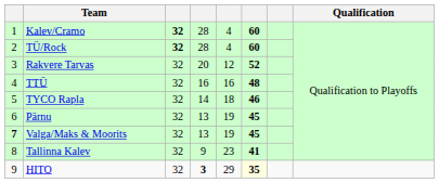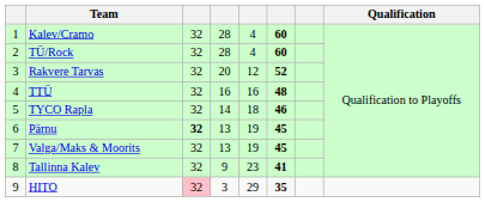 <table class="wikitable" style="text-align: center">
 <tr>
 <th width=20></th>
 <th width=200>Team</th>
 <th width=30></th>
 <th width=30></th>
 <th width=30></th>
 <th width=30></th>
 <th width=30></th>
 <th width=200>Qualification</th>
 </tr>
 <tr bgcolor=#ccffcc>
 <td>1</td>
 <td align="left"><a href='#'>Kalev/Cramo</a></td>
-<td><strong>32</strong></td>
+<td>32</td>
 <td>28</td>
 <td>4</td>
 <td><strong>60</strong></td>
 <td></td>
 <td rowspan=8 align="center">Qualification to Playoffs</td>
 </tr>
 <tr bgcolor=#ccffcc>
 <td>2</td>
 <td align="left"><a href='#'>TÜ/Rock</a></td>
-<td><strong>32</strong></td>
+<td>32</td>
 <td>28</td>
 <td>4</td>
 <td><strong>60</strong></td>
 <td></td>
 </tr>
 <tr bgcolor=#ccffcc>
 <td>3</td>
 <td align="left"><a href='#'>Rakvere Tarvas</a></td>
 <td>32</td>
 <td>20</td>
 <td>12</td>
 <td><strong>52</strong></td>
 <td></td>
 </tr>
 <tr bgcolor=#ccffcc>
 <td>4</td>
 <td align="left"><a href='#'>TTÜ</a></td>
 <td>32</td>
 <td>16</td>
 <td>16</td>
 <td><strong>48</strong></td>
 <td></td>
 </tr>
 <tr bgcolor=#ccffcc>
 <td>5</td>
 <td align="left"><a href='#'>TYCO Rapla</a></td>
 <td>32</td>
 <td>14</td>
 <td>18</td>
 <td><strong>46</strong></td>
 <td></td>
 </tr>
 <tr bgcolor=#ccffcc>
 <td>6</td>
 <td align="left"><a href='#'>Pärnu</a></td>
-<td>32</td>
+<td><strong>32</strong></td>
 <td>13</td>
 <td>19</td>
 <td><strong>45</strong></td>
 <td></td>
 </tr>
 <tr bgcolor=#ccffcc>
-<td><strong>7</strong></td>
+<td>7</td>
 <td align="left"><a href='#'>Valga/Maks & Moorits</a></td>
 <td>32</td>
 <td>13</td>
 <td>19</td>
 <td><strong>45</strong></td>
 <td></td>
 </tr>
 <tr bgcolor=#ccffcc>
 <td>8</td>
 <td align="left"><a href='#'>Tallinna Kalev</a></td>
 <td>32</td>
 <td>9</td>
 <td>23</td>
 <td><strong>41</strong></td>
 <td></td>
 </tr>
 <tr>
 <td>9</td>
 <td align="left"><a href='#'>HITO</a></td>
-<td>32</td>
-<td><strong>3</strong></td>
+<td style="background: pink;">32</td>
+<td>3</td>
 <td>29</td>
-<td style="background: lightyellow;"><strong>35</strong></td>
+<td><strong>35</strong></td>
 <td></td>
 <td rowspan=1 align"center"></td>
 </tr>
 </table>
